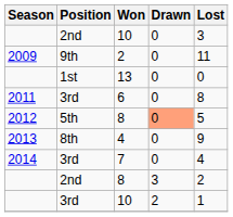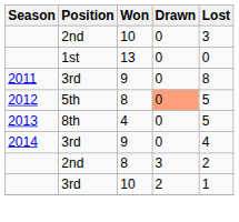 <table class="wikitable collapsible">
 <tr>
 <th>Season</th>
 <th>Position</th>
 <th>Won</th>
 <th>Drawn</th>
 <th>Lost</th>
 </tr>
 <tr style="background-color:#">
 <td></td>
 <td>2nd</td>
 <td>10</td>
 <td>0</td>
 <td>3</td>
 </tr>
-<tr>
-<td><a href='#'>2009</a></td>
-<td>9th</td>
-<td>2</td>
-<td>0</td>
-<td>11</td>
-</tr>
 <tr style="background-color:#">
 <td></td>
 <td>1st</td>
 <td>13</td>
 <td>0</td>
 <td>0</td>
 </tr>
 <tr>
 <td><a href='#'>2011</a></td>
 <td>3rd</td>
-<td>6</td>
+<td>9</td>
 <td>0</td>
 <td>8</td>
 </tr>
 <tr>
 <td><a href='#'>2012</a></td>
 <td>5th</td>
 <td>8</td>
 <td style="background: lightsalmon;">0</td>
 <td>5</td>
 </tr>
 <tr>
 <td><a href='#'>2013</a></td>
 <td>8th</td>
 <td>4</td>
 <td>0</td>
-<td>9</td>
+<td>5</td>
 </tr>
 <tr>
 <td><a href='#'>2014</a></td>
 <td>3rd</td>
-<td>7</td>
+<td>9</td>
 <td>0</td>
 <td>4</td>
 </tr>
 <tr style="background-color:#">
 <td></td>
 <td>2nd</td>
 <td>8</td>
 <td>3</td>
 <td>2</td>
 </tr>
 <tr style="background-color:#">
 <td></td>
 <td>3rd</td>
 <td>10</td>
 <td>2</td>
 <td>1</td>
 </tr>
 <tr>
 </tr>
 </table>
